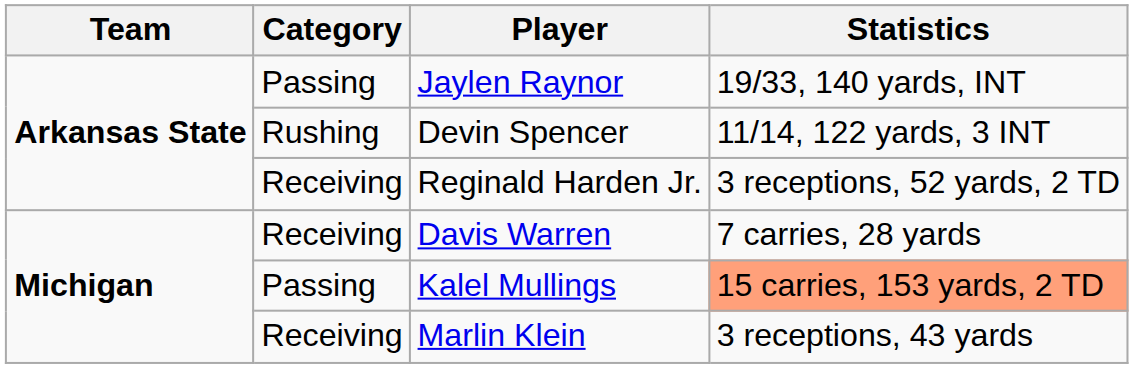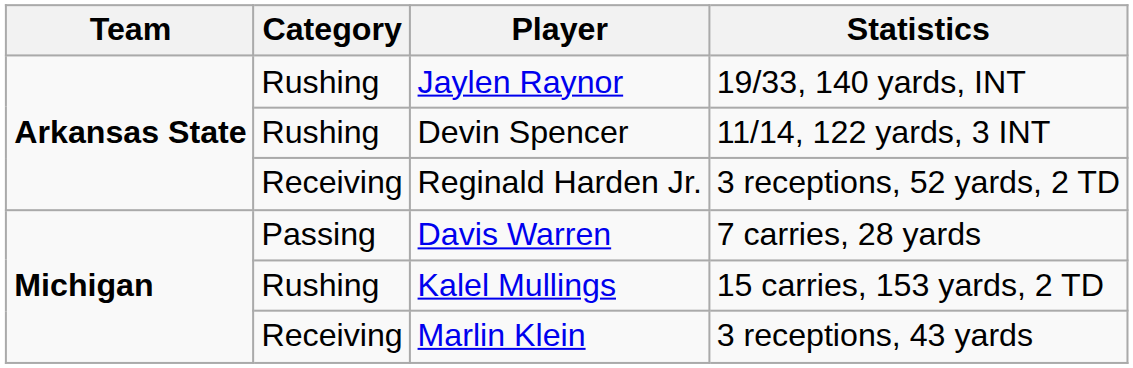 <table class="wikitable" style="float: right;">
 <tr>
 <th>Team</th>
 <th>Category</th>
 <th>Player</th>
 <th>Statistics</th>
 </tr>
 <tr>
 <td rowspan=3><strong>Arkansas State</strong></td>
-<td>Passing</td>
+<td>Rushing</td>
 <td><a href='#'>Jaylen Raynor</a></td>
 <td>19/33, 140 yards, INT</td>
 </tr>
 <tr>
 <td>Rushing</td>
 <td>Devin Spencer</td>
 <td>11/14, 122 yards, 3 INT</td>
 </tr>
 <tr>
 <td>Receiving</td>
 <td>Reginald Harden Jr.</td>
 <td>3 receptions, 52 yards, 2 TD</td>
 </tr>
 <tr>
 <td rowspan=3><strong>Michigan</strong></td>
-<td>Receiving</td>
+<td>Passing</td>
 <td><a href='#'>Davis Warren</a></td>
 <td>7 carries, 28 yards</td>
 </tr>
 <tr>
-<td>Passing</td>
+<td>Rushing</td>
 <td><a href='#'>Kalel Mullings</a></td>
-<td style="background: lightsalmon;">15 carries, 153 yards, 2 TD</td>
+<td>15 carries, 153 yards, 2 TD</td>
 </tr>
 <tr>
 <td>Receiving</td>
 <td><a href='#'>Marlin Klein</a></td>
 <td>3 receptions, 43 yards</td>
 </tr>
 </table>
